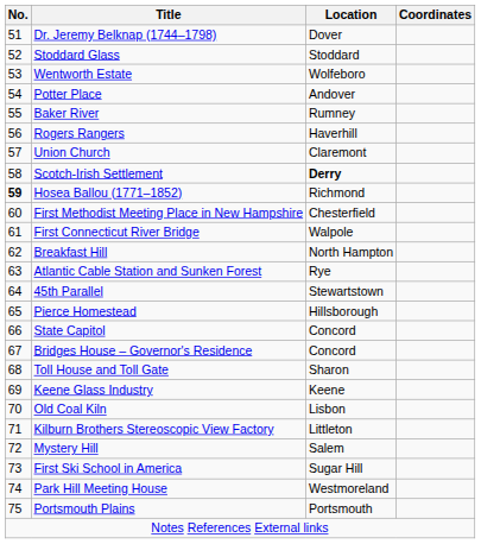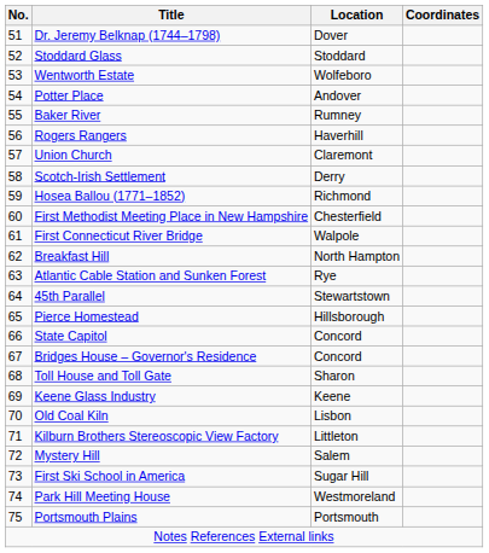 <table class="wikitable" style="text-align:left; font-size: 95%;">
 <tr>
 <th>No.</th>
 <th>Title</th>
 <th>Location</th>
 <th>Coordinates</th>
 </tr>
 <tr>
 <td>51</td>
 <td><a href='#'>Dr. Jeremy Belknap (1744–1798)</a></td>
 <td>Dover</td>
 <td></td>
 </tr>
 <tr>
 <td>52</td>
 <td><a href='#'>Stoddard Glass</a></td>
 <td>Stoddard</td>
 <td></td>
 </tr>
 <tr>
 <td>53</td>
 <td><a href='#'>Wentworth Estate</a></td>
 <td>Wolfeboro</td>
 <td></td>
 </tr>
 <tr>
 <td>54</td>
 <td><a href='#'>Potter Place</a></td>
 <td>Andover</td>
 <td></td>
 </tr>
 <tr>
 <td>55</td>
 <td><a href='#'>Baker River</a></td>
 <td>Rumney</td>
 <td></td>
 </tr>
 <tr>
 <td>56</td>
 <td><a href='#'>Rogers Rangers</a></td>
 <td>Haverhill</td>
 <td></td>
 </tr>
 <tr>
 <td>57</td>
 <td><a href='#'>Union Church</a></td>
 <td>Claremont</td>
 <td></td>
 </tr>
 <tr>
 <td>58</td>
 <td><a href='#'>Scotch-Irish Settlement</a></td>
-<td><strong>Derry</strong></td>
+<td>Derry</td>
 <td></td>
 </tr>
 <tr>
-<td><strong>59</strong></td>
+<td>59</td>
 <td><a href='#'>Hosea Ballou (1771–1852)</a></td>
 <td>Richmond</td>
 <td></td>
 </tr>
 <tr>
 <td>60</td>
 <td><a href='#'>First Methodist Meeting Place in New Hampshire</a></td>
 <td>Chesterfield</td>
 <td></td>
 </tr>
 <tr>
 <td>61</td>
 <td><a href='#'>First Connecticut River Bridge</a></td>
 <td>Walpole</td>
 <td></td>
 </tr>
 <tr>
 <td>62</td>
 <td><a href='#'>Breakfast Hill</a></td>
 <td>North Hampton</td>
 <td></td>
 </tr>
 <tr>
 <td>63</td>
 <td><a href='#'>Atlantic Cable Station and Sunken Forest</a></td>
 <td>Rye</td>
 <td></td>
 </tr>
 <tr>
 <td>64</td>
 <td><a href='#'>45th Parallel</a></td>
 <td>Stewartstown</td>
 <td></td>
 </tr>
 <tr>
 <td>65</td>
 <td><a href='#'>Pierce Homestead</a></td>
 <td>Hillsborough</td>
 <td></td>
 </tr>
 <tr>
 <td>66</td>
 <td><a href='#'>State Capitol</a></td>
 <td>Concord</td>
 <td></td>
 </tr>
 <tr>
 <td>67</td>
 <td><a href='#'>Bridges House – Governor's Residence</a></td>
 <td>Concord</td>
 <td></td>
 </tr>
 <tr>
 <td>68</td>
 <td><a href='#'>Toll House and Toll Gate</a></td>
 <td>Sharon</td>
 <td></td>
 </tr>
 <tr>
 <td>69</td>
 <td><a href='#'>Keene Glass Industry</a></td>
 <td>Keene</td>
 <td></td>
 </tr>
 <tr>
 <td>70</td>
 <td><a href='#'>Old Coal Kiln</a></td>
 <td>Lisbon</td>
 <td></td>
 </tr>
 <tr>
 <td>71</td>
 <td><a href='#'>Kilburn Brothers Stereoscopic View Factory</a></td>
 <td>Littleton</td>
 <td></td>
 </tr>
 <tr>
 <td>72</td>
 <td><a href='#'>Mystery Hill</a></td>
 <td>Salem</td>
 <td></td>
 </tr>
 <tr>
 <td>73</td>
 <td><a href='#'>First Ski School in America</a></td>
 <td>Sugar Hill</td>
 <td></td>
 </tr>
 <tr>
 <td>74</td>
 <td><a href='#'>Park Hill Meeting House</a></td>
 <td>Westmoreland</td>
 <td></td>
 </tr>
 <tr>
 <td>75</td>
 <td><a href='#'>Portsmouth Plains</a></td>
 <td>Portsmouth</td>
 <td></td>
 </tr>
 <tr>
 <td colspan=4 align=center><a href='#'>Notes</a>  <a href='#'>References</a>  <a href='#'>External links</a></td>
 </tr>
 </table>
